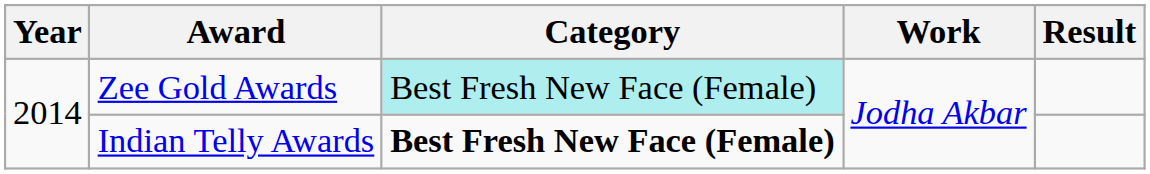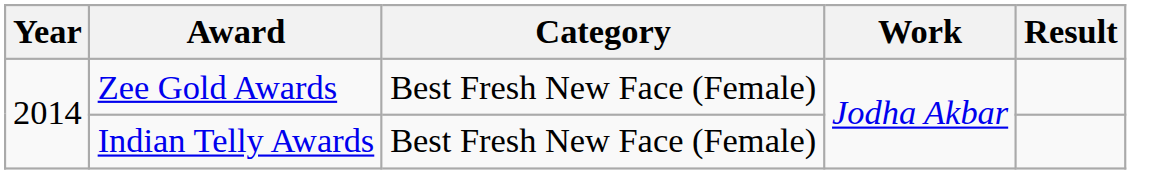 <table class="wikitable">
 <tr>
 <th>Year</th>
 <th>Award</th>
 <th>Category</th>
 <th>Work</th>
 <th>Result</th>
 </tr>
 <tr>
 <td rowspan="2">2014</td>
 <td><a href='#'>Zee Gold Awards</a></td>
-<td style="background: paleturquoise;">Best Fresh New Face (Female)</td>
+<td>Best Fresh New Face (Female)</td>
 <td rowspan="2"><em><a href='#'>Jodha Akbar</a></em></td>
 <td></td>
 </tr>
 <tr>
 <td><a href='#'>Indian Telly Awards</a></td>
-<td><strong>Best Fresh New Face (Female)</strong></td>
+<td>Best Fresh New Face (Female)</td>
 <td></td>
 </tr>
 </table>
